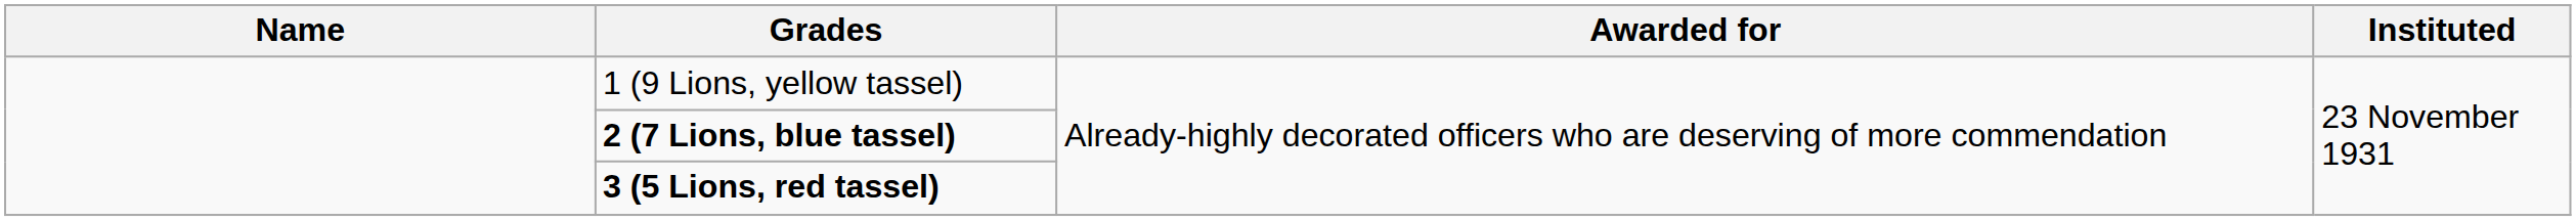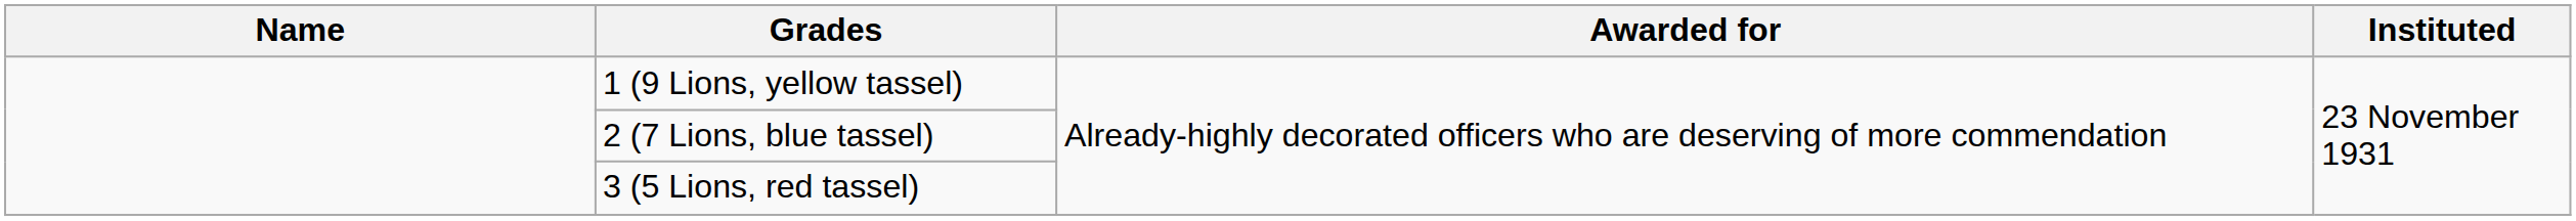 <table class="wikitable">
 <tr>
 <th width="23%">Name</th>
 <th width="18%">Grades</th>
 <th>Awarded for</th>
 <th width="10%">Instituted</th>
 </tr>
 <tr>
 <td rowspan=3></td>
 <td>1 (9 Lions, yellow tassel)</td>
 <td rowspan=3>Already-highly decorated officers who are deserving of more commendation</td>
 <td rowspan=3>23 November 1931</td>
 </tr>
 <tr>
-<td><strong>2 (7 Lions, blue tassel)</strong></td>
+<td>2 (7 Lions, blue tassel)</td>
 </tr>
 <tr>
-<td><strong>3 (5 Lions, red tassel)</strong></td>
+<td>3 (5 Lions, red tassel)</td>
 </tr>
 </table>
